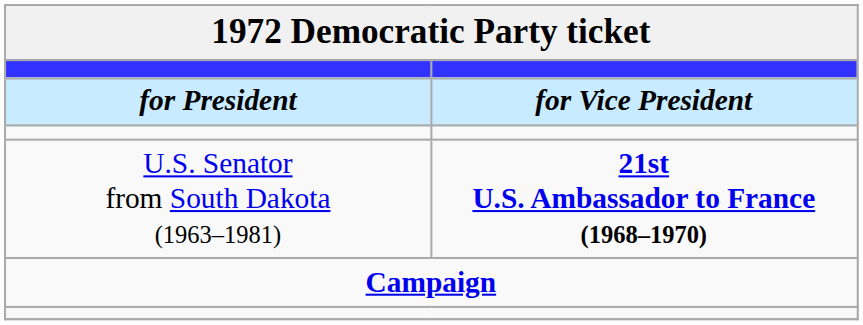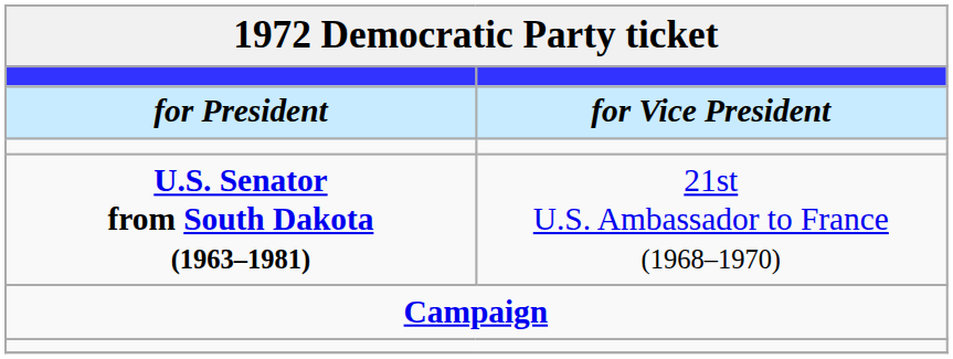 <table class="wikitable" style="font-size:90%; text-align:center;">
 <tr>
 <td style="background:#f1f1f1;" colspan="30"><big> <strong>1972 Democratic Party ticket</strong></big></td>
 </tr>
 <tr>
 <th style="width:3em; font-size:135%; background:#3333FF; width:200px;"><a href='#'></a></th>
 <th style="width:3em; font-size:135%; background:#3333FF; width:200px;"><a href='#'></a></th>
 </tr>
 <tr style="color:#000; font-size:100%; background:#c8ebff;">
 <td style="width:3em; width:200px;"><strong><em>for President</em></strong></td>
 <td style="width:3em; width:200px;"><strong><em>for Vice President</em></strong></td>
 </tr>
 <tr>
 <td></td>
 <td></td>
 </tr>
 <tr>
-<td><a href='#'>U.S. Senator</a><br>from <a href='#'>South Dakota</a><br><small>(1963–1981)</small></td>
-<td><strong><a href='#'>21st</a><br><a href='#'>U.S. Ambassador to France</a><br><small>(1968–1970)</small></strong></td>
+<td><strong><a href='#'>U.S. Senator</a><br>from <a href='#'>South Dakota</a><br><small>(1963–1981)</small></strong></td>
+<td><a href='#'>21st</a><br><a href='#'>U.S. Ambassador to France</a><br><small>(1968–1970)</small></td>
 </tr>
 <tr>
 <td colspan=2><a href='#'><strong>Campaign</strong></a></td>
 </tr>
 <tr>
 <td colspan=2></td>
 </tr>
 <tr>
 </tr>
 </table>
